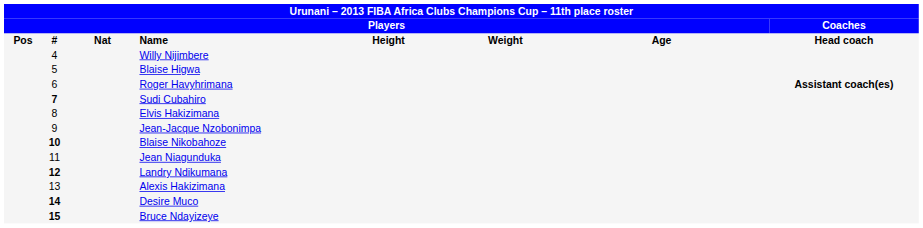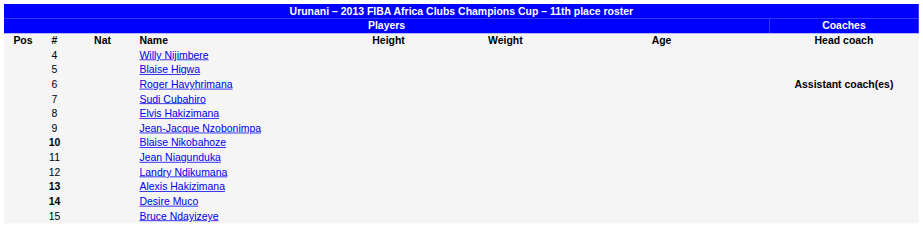 <table border=0 cellpadding=2 cellspacing=0  |- bgcolor=#f5f5f5 style="text-align:center; font-size:85%;" width=75%>
 <tr>
 <td colspan="8" style="background: blue; color: white"><strong>Urunani – 2013 FIBA Africa Clubs Champions Cup – 11th place roster</strong></td>
 </tr>
 <tr>
 <td colspan="7" style="background: blue; color: white"><strong>Players</strong></td>
 <td style="background: blue; color: white"><strong>Coaches</strong></td>
 </tr>
 <tr style="background=#f5f5f5; color: black">
 <th width=5px>Pos</th>
 <th width=5px>#</th>
 <th width=50px>Nat</th>
 <th width=135px align=left>Name</th>
 <th width=100px>Height</th>
 <th width=70px>Weight</th>
 <th width=160px>Age</th>
 <th width=110px>Head coach</th>
 </tr>
 <tr>
 <td></td>
 <td>4</td>
 <td></td>
 <td align=left><a href='#'>Willy Nijimbere</a></td>
 <td></td>
 <td></td>
 <td><span></span></td>
 <td></td>
 </tr>
 <tr>
 <td></td>
 <td>5</td>
 <td></td>
 <td align=left><a href='#'>Blaise Higwa</a></td>
 <td></td>
 <td></td>
 <td></td>
 <td></td>
 </tr>
 <tr>
 <td></td>
 <td>6</td>
 <td></td>
 <td align=left><a href='#'>Roger Havyhrimana</a></td>
 <td></td>
 <td></td>
 <td><span></span></td>
 <td><strong>Assistant coach(es)</strong></td>
 </tr>
 <tr>
 <td></td>
-<td><strong>7</strong></td>
+<td>7</td>
 <td></td>
 <td align=left><a href='#'>Sudi Cubahiro</a></td>
 <td></td>
 <td></td>
 <td><span></span></td>
 <td></td>
 </tr>
 <tr>
 <td></td>
 <td>8</td>
 <td></td>
 <td align=left><a href='#'>Elvis Hakizimana</a></td>
 <td></td>
 <td></td>
 <td><span></span></td>
 <td></td>
 </tr>
 <tr>
 <td></td>
 <td>9</td>
 <td></td>
 <td align=left><a href='#'>Jean-Jacque Nzobonimpa</a></td>
 <td></td>
 <td></td>
 <td></td>
 <td></td>
 </tr>
 <tr>
 <td></td>
 <td><strong>10</strong></td>
 <td></td>
 <td align=left><a href='#'>Blaise Nikobahoze</a></td>
 <td></td>
 <td></td>
 <td><span></span></td>
 <td></td>
 </tr>
 <tr>
 <td></td>
 <td>11</td>
 <td></td>
 <td align=left><a href='#'>Jean Niagunduka</a></td>
 <td></td>
 <td></td>
 <td></td>
 <td></td>
 </tr>
 <tr>
 <td></td>
-<td><strong>12</strong></td>
+<td>12</td>
 <td></td>
 <td align=left><a href='#'> Landry Ndikumana</a></td>
 <td></td>
 <td></td>
 <td></td>
 <td></td>
 </tr>
 <tr>
 <td></td>
-<td>13</td>
+<td><strong>13</strong></td>
 <td></td>
 <td align=left><a href='#'>Alexis Hakizimana</a></td>
 <td></td>
 <td></td>
 <td></td>
 <td></td>
 </tr>
 <tr>
 <td></td>
 <td><strong>14</strong></td>
 <td></td>
 <td align=left><a href='#'>Desire Muco</a></td>
 <td></td>
 <td></td>
 <td></td>
 <td></td>
 </tr>
 <tr>
 <td></td>
-<td><strong>15</strong></td>
+<td>15</td>
 <td></td>
 <td align=left><a href='#'>Bruce Ndayizeye</a></td>
 <td></td>
 <td></td>
 <td><span></span></td>
 <td></td>
 </tr>
 </table>
